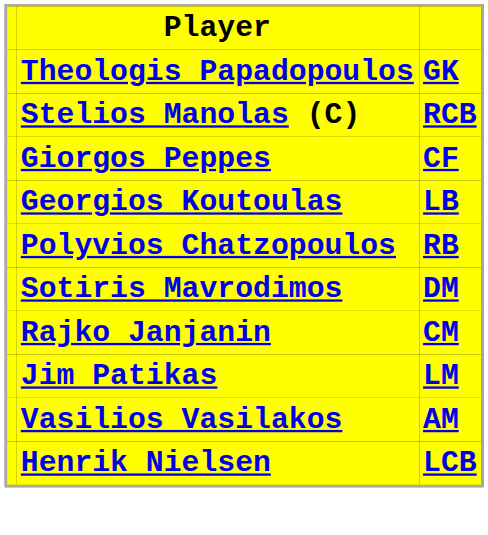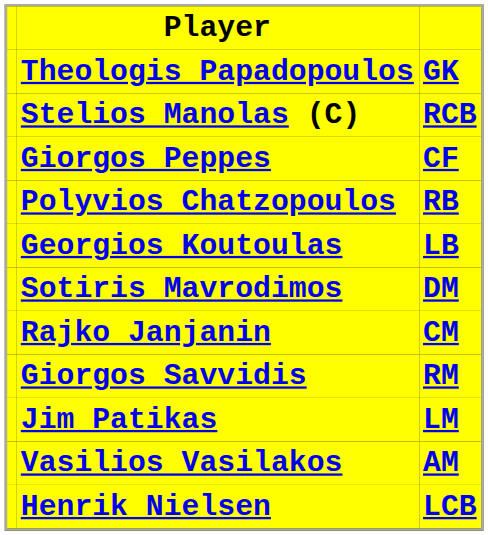 <table class="toccolours" border="0" cellpadding="2" cellspacing="0" align="center" style="margin: 0.5em 0 1em 1em; background: #000000; border: 1px #aaaaaa solid;">
 <tr bgcolor=#FFFF00>
 <th></th>
 <th>Player</th>
 <th></th>
 </tr>
 <tr bgcolor=#FFFF00>
 <td></td>
 <td><a href='#'><span><strong>Theologis Papadopoulos</strong></span></a></td>
 <td><a href='#'><strong>GK</strong></a></td>
 </tr>
 <tr bgcolor=#FFFF00>
 <td></td>
 <td><a href='#'><span><strong>Stelios Manolas</strong></span></a> <strong>(C)</strong></td>
 <td><a href='#'><strong>RCB</strong></a></td>
 </tr>
 <tr bgcolor=#FFFF00>
 <td></td>
 <td><a href='#'><span><strong>Giorgos Peppes</strong></span></a></td>
 <td><a href='#'><strong>CF</strong></a></td>
 </tr>
 <tr bgcolor=#FFFF00>
 <td></td>
-<td><a href='#'><span><strong>Georgios Koutoulas</strong></span></a></td>
-<td><a href='#'><strong>LB</strong></a></td>
+<td><a href='#'><span><strong>Polyvios Chatzopoulos</strong></span></a></td>
+<td><a href='#'><strong>RB</strong></a></td>
 </tr>
 <tr bgcolor=#FFFF00>
 <td></td>
-<td><a href='#'><span><strong>Polyvios Chatzopoulos</strong></span></a></td>
-<td><a href='#'><strong>RB</strong></a></td>
+<td><a href='#'><span><strong>Georgios Koutoulas</strong></span></a></td>
+<td><a href='#'><strong>LB</strong></a></td>
 </tr>
 <tr bgcolor=#FFFF00>
 <td></td>
 <td><a href='#'><span><strong>Sotiris Mavrodimos</strong></span></a></td>
 <td><a href='#'><strong>DM</strong></a></td>
 </tr>
 <tr bgcolor=#FFFF00>
 <td></td>
 <td><a href='#'><span><strong>Rajko Janjanin</strong></span></a></td>
 <td><a href='#'><strong>CM</strong></a></td>
+</tr>
+<tr bgcolor=#FFFF00>
+<td></td>
+<td><a href='#'><span><strong>Giorgos Savvidis</strong></span></a></td>
+<td><a href='#'><strong>RM</strong></a></td>
 </tr>
 <tr bgcolor=#FFFF00>
 <td></td>
 <td><a href='#'><span><strong>Jim Patikas</strong></span></a></td>
 <td><a href='#'><strong>LM</strong></a></td>
 </tr>
 <tr bgcolor=#FFFF00>
 <td></td>
 <td><a href='#'><span><strong>Vasilios Vasilakos</strong></span></a></td>
 <td><a href='#'><strong>AM</strong></a></td>
 </tr>
 <tr bgcolor=#FFFF00>
 <td></td>
 <td><a href='#'><span><strong>Henrik Nielsen</strong></span></a></td>
 <td><a href='#'><strong>LCB</strong></a></td>
 </tr>
 </table>
